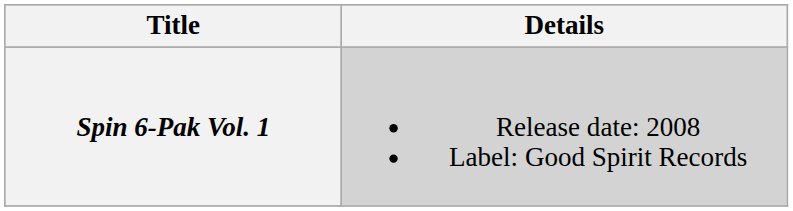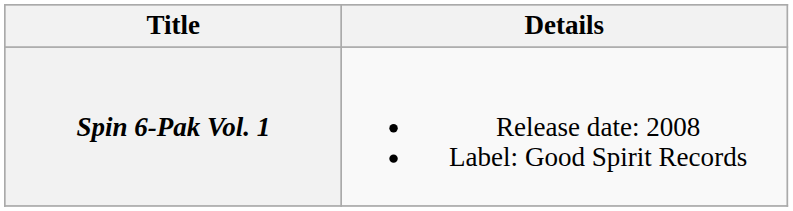 <table class="wikitable plainrowheaders" style="text-align:center;">
 <tr>
 <th style="width:12em;">Title</th>
 <th style="width:16em;">Details</th>
 </tr>
 <tr>
 <th scope="row"><em>Spin 6-Pak Vol. 1</em></th>
-<td style="background: lightgrey;"><br><ul><li>Release date: 2008</li><li>Label: Good Spirit Records</li></ul></td>
+<td><br><ul><li>Release date: 2008</li><li>Label: Good Spirit Records</li></ul></td>
 </tr>
 </table>
